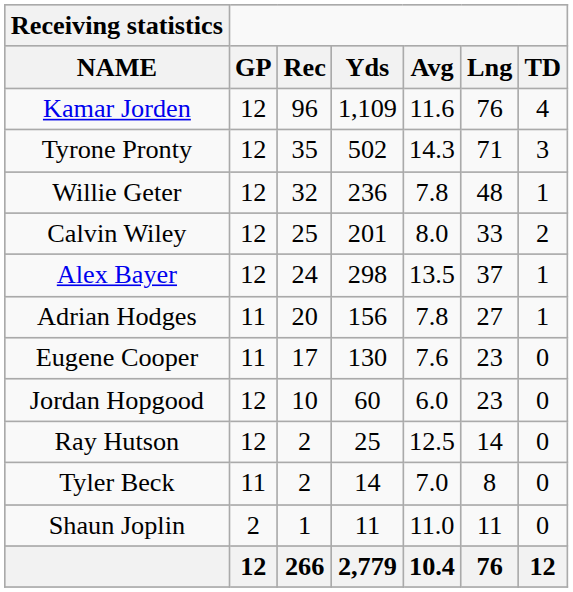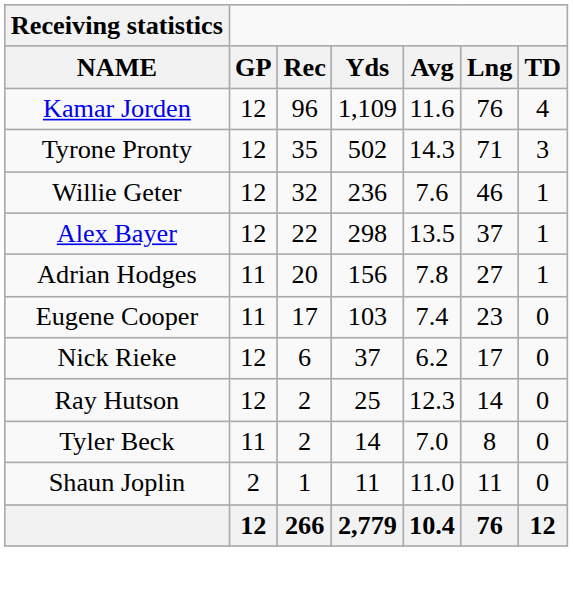 <table class="wikitable sortable" style="text-align:center;">
 <tr>
 <th style="text-align:center; ">Receiving statistics</th>
 </tr>
 <tr>
 <th>NAME</th>
 <th>GP</th>
 <th>Rec</th>
 <th>Yds</th>
 <th>Avg</th>
 <th>Lng</th>
 <th>TD</th>
 </tr>
 <tr>
 <td><a href='#'>Kamar Jorden</a></td>
 <td>12</td>
 <td>96</td>
 <td>1,109</td>
 <td>11.6</td>
 <td>76</td>
 <td>4</td>
 </tr>
 <tr>
 <td>Tyrone Pronty</td>
 <td>12</td>
 <td>35</td>
 <td>502</td>
 <td>14.3</td>
 <td>71</td>
 <td>3</td>
 </tr>
 <tr>
 <td>Willie Geter</td>
 <td>12</td>
 <td>32</td>
 <td>236</td>
-<td>7.8</td>
-<td>48</td>
+<td>7.6</td>
+<td>46</td>
 <td>1</td>
-</tr>
-<tr>
-<td>Calvin Wiley</td>
-<td>12</td>
-<td>25</td>
-<td>201</td>
-<td>8.0</td>
-<td>33</td>
-<td>2</td>
 </tr>
 <tr>
 <td><a href='#'>Alex Bayer</a></td>
 <td>12</td>
-<td>24</td>
+<td>22</td>
 <td>298</td>
 <td>13.5</td>
 <td>37</td>
 <td>1</td>
 </tr>
 <tr>
 <td>Adrian Hodges</td>
 <td>11</td>
 <td>20</td>
 <td>156</td>
 <td>7.8</td>
 <td>27</td>
 <td>1</td>
 </tr>
 <tr>
 <td>Eugene Cooper</td>
 <td>11</td>
 <td>17</td>
-<td>130</td>
-<td>7.6</td>
+<td>103</td>
+<td>7.4</td>
 <td>23</td>
 <td>0</td>
 </tr>
 <tr>
-<td>Jordan Hopgood</td>
+<td>Nick Rieke</td>
 <td>12</td>
-<td>10</td>
-<td>60</td>
-<td>6.0</td>
-<td>23</td>
+<td>6</td>
+<td>37</td>
+<td>6.2</td>
+<td>17</td>
 <td>0</td>
 </tr>
 <tr>
 <td>Ray Hutson</td>
 <td>12</td>
 <td>2</td>
 <td>25</td>
-<td>12.5</td>
+<td>12.3</td>
 <td>14</td>
 <td>0</td>
 </tr>
 <tr>
 <td>Tyler Beck</td>
 <td>11</td>
 <td>2</td>
 <td>14</td>
 <td>7.0</td>
 <td>8</td>
 <td>0</td>
 </tr>
 <tr>
 <td>Shaun Joplin</td>
 <td>2</td>
 <td>1</td>
 <td>11</td>
 <td>11.0</td>
 <td>11</td>
 <td>0</td>
 </tr>
 <tr>
 <th colspan="1"></th>
 <th>12</th>
 <th>266</th>
 <th>2,779</th>
 <th>10.4</th>
 <th>76</th>
 <th>12</th>
 </tr>
 </table>
